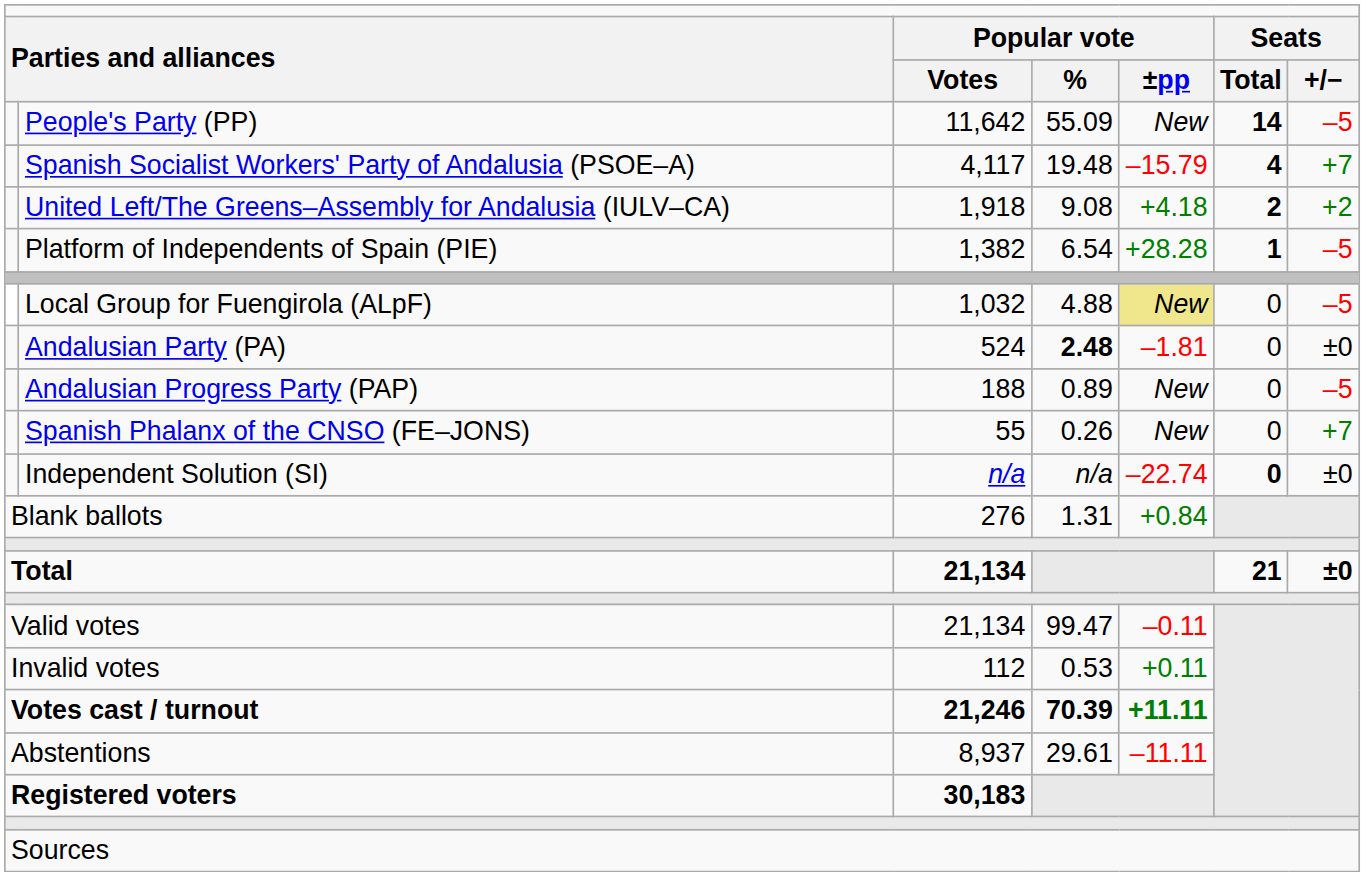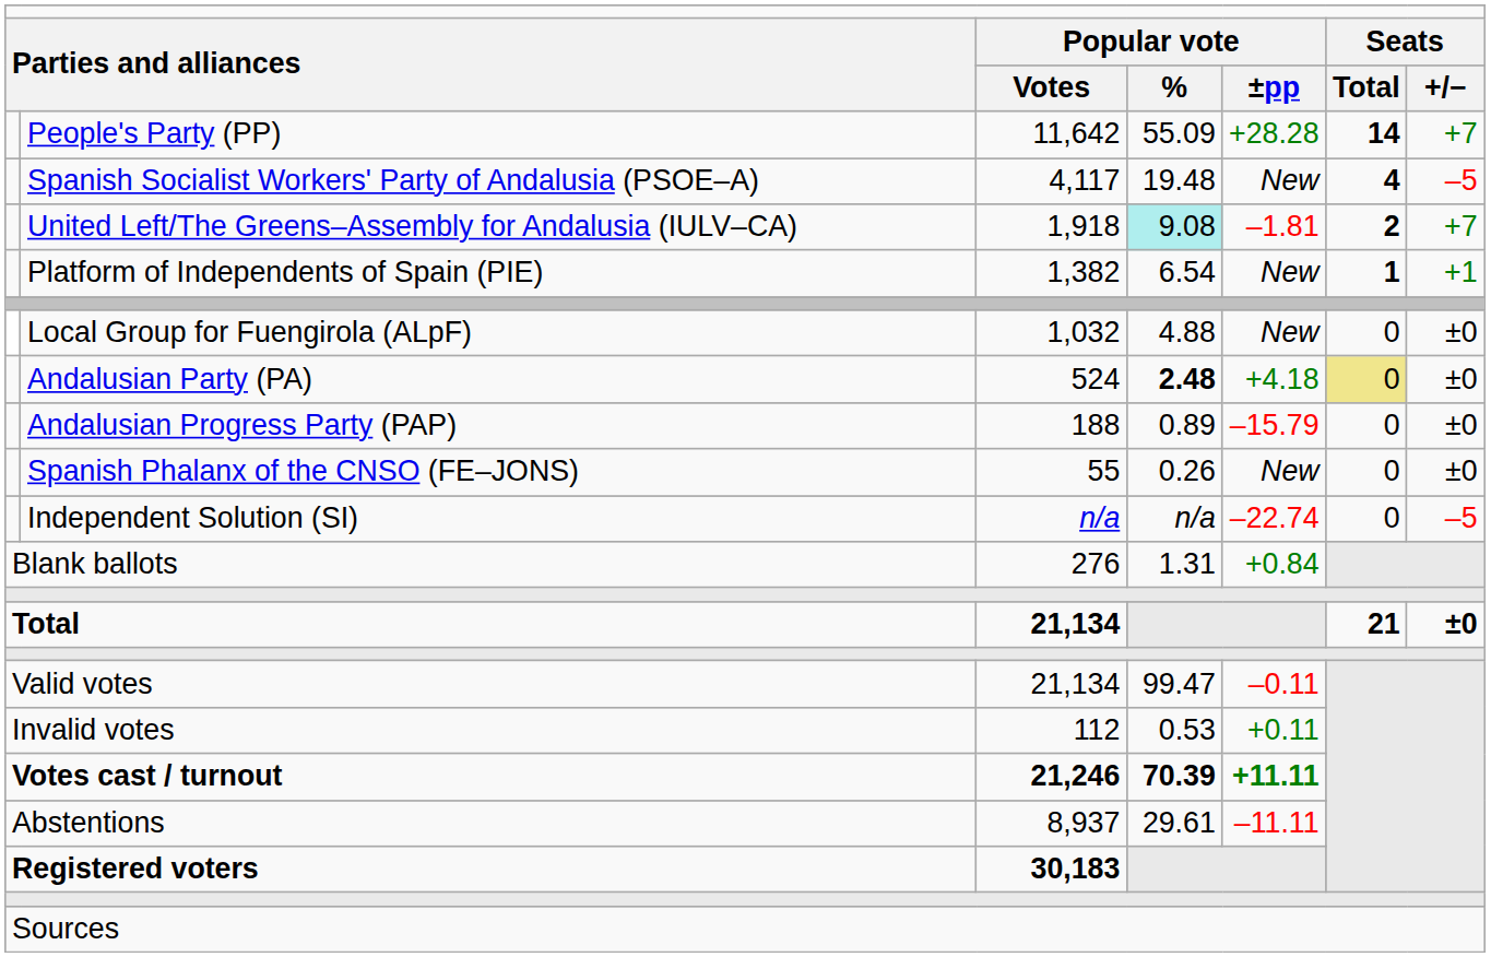 <table class="wikitable" style="text-align:right;">
 <tr>
 <td colspan="7"></td>
 </tr>
 <tr>
 <th style="text-align:left;" rowspan="2" colspan="2" width="525">Parties and alliances</th>
 <th colspan="3">Popular vote</th>
 <th colspan="2">Seats</th>
 </tr>
 <tr>
 <th width="75">Votes</th>
 <th width="45">%</th>
 <th width="45">±<a href='#'>pp</a></th>
 <th width="35">Total</th>
 <th width="35">+/−</th>
 </tr>
 <tr>
 <td width="1" style="color:inherit;background:"></td>
 <td align="left"><a href='#'>People's Party</a> (PP)</td>
 <td>11,642</td>
 <td>55.09</td>
-<td><em>New</em></td>
+<td style="color:green;">+28.28</td>
 <td><strong>14</strong></td>
-<td style="color:red;">–5</td>
+<td style="color:green;">+7</td>
 </tr>
 <tr>
 <td style="color:inherit;background:"></td>
 <td align="left"><a href='#'>Spanish Socialist Workers' Party of Andalusia</a> (PSOE–A)</td>
 <td>4,117</td>
 <td>19.48</td>
-<td style="color:red;">–15.79</td>
+<td><em>New</em></td>
 <td><strong>4</strong></td>
-<td style="color:green;">+7</td>
+<td style="color:red;">–5</td>
 </tr>
 <tr>
 <td style="color:inherit;background:"></td>
 <td align="left"><a href='#'>United Left/The Greens–Assembly for Andalusia</a> (IULV–CA)</td>
 <td>1,918</td>
-<td>9.08</td>
-<td style="color:green;">+4.18</td>
+<td style="background: paleturquoise;">9.08</td>
+<td style="color:red;">–1.81</td>
 <td><strong>2</strong></td>
-<td style="color:green;">+2</td>
+<td style="color:green;">+7</td>
 </tr>
 <tr>
 <td style="color:inherit;background:"></td>
 <td align="left">Platform of Independents of Spain (PIE)</td>
 <td>1,382</td>
 <td>6.54</td>
-<td style="color:green;">+28.28</td>
+<td><em>New</em></td>
 <td><strong>1</strong></td>
-<td style="color:red;">–5</td>
+<td style="color:green;">+1</td>
 </tr>
 <tr>
 <td colspan="7" bgcolor="#C0C0C0"></td>
 </tr>
 <tr>
 <td bgcolor="white"></td>
 <td align="left">Local Group for Fuengirola (ALpF)</td>
 <td>1,032</td>
 <td>4.88</td>
-<td style="background: khaki;"><em>New</em></td>
+<td><em>New</em></td>
 <td>0</td>
-<td style="color:red;">–5</td>
+<td>±0</td>
 </tr>
 <tr>
 <td style="color:inherit;background:"></td>
 <td align="left"><a href='#'>Andalusian Party</a> (PA)</td>
 <td>524</td>
 <td><strong>2.48</strong></td>
-<td style="color:red;">–1.81</td>
-<td>0</td>
+<td style="color:green;">+4.18</td>
+<td style="background: khaki;">0</td>
 <td>±0</td>
 </tr>
 <tr>
 <td style="color:inherit;background:"></td>
 <td align="left"><a href='#'>Andalusian Progress Party</a> (PAP)</td>
 <td>188</td>
 <td>0.89</td>
-<td><em>New</em></td>
+<td style="color:red;">–15.79</td>
 <td>0</td>
-<td style="color:red;">–5</td>
+<td>±0</td>
 </tr>
 <tr>
 <td style="color:inherit;background:"></td>
 <td align="left"><a href='#'>Spanish Phalanx of the CNSO</a> (FE–JONS)</td>
 <td>55</td>
 <td>0.26</td>
 <td><em>New</em></td>
 <td>0</td>
-<td style="color:green;">+7</td>
+<td>±0</td>
 </tr>
 <tr>
 <td style="color:inherit;background:"></td>
 <td align="left">Independent Solution (SI)</td>
 <td><em><a href='#'>n/a</a></em></td>
 <td><em>n/a</em></td>
 <td style="color:red;">–22.74</td>
-<td><strong>0</strong></td>
-<td>±0</td>
+<td>0</td>
+<td style="color:red;">–5</td>
 </tr>
 <tr>
 <td align="left" colspan="2">Blank ballots</td>
 <td>276</td>
 <td>1.31</td>
 <td style="color:green;">+0.84</td>
 <td bgcolor="#E9E9E9" colspan="2"></td>
 </tr>
 <tr>
 <td colspan="7" bgcolor="#E9E9E9"></td>
 </tr>
 <tr style="font-weight:bold;">
 <td align="left" colspan="2">Total</td>
 <td>21,134</td>
 <td bgcolor="#E9E9E9" colspan="2"></td>
 <td>21</td>
 <td>±0</td>
 </tr>
 <tr>
 <td colspan="7" bgcolor="#E9E9E9"></td>
 </tr>
 <tr>
 <td align="left" colspan="2">Valid votes</td>
 <td>21,134</td>
 <td>99.47</td>
 <td style="color:red;">–0.11</td>
 <td bgcolor="#E9E9E9" colspan="2" rowspan="5"></td>
 </tr>
 <tr>
 <td align="left" colspan="2">Invalid votes</td>
 <td>112</td>
 <td>0.53</td>
 <td style="color:green;">+0.11</td>
 </tr>
 <tr style="font-weight:bold;">
 <td align="left" colspan="2">Votes cast / turnout</td>
 <td>21,246</td>
 <td>70.39</td>
 <td style="color:green;">+11.11</td>
 </tr>
 <tr>
 <td align="left" colspan="2">Abstentions</td>
 <td>8,937</td>
 <td>29.61</td>
 <td style="color:red;">–11.11</td>
 </tr>
 <tr style="font-weight:bold;">
 <td align="left" colspan="2">Registered voters</td>
 <td>30,183</td>
 <td bgcolor="#E9E9E9" colspan="2"></td>
 </tr>
 <tr>
 <td colspan="7" bgcolor="#E9E9E9"></td>
 </tr>
 <tr>
 <td align="left" colspan="7">Sources</td>
 </tr>
 </table>
